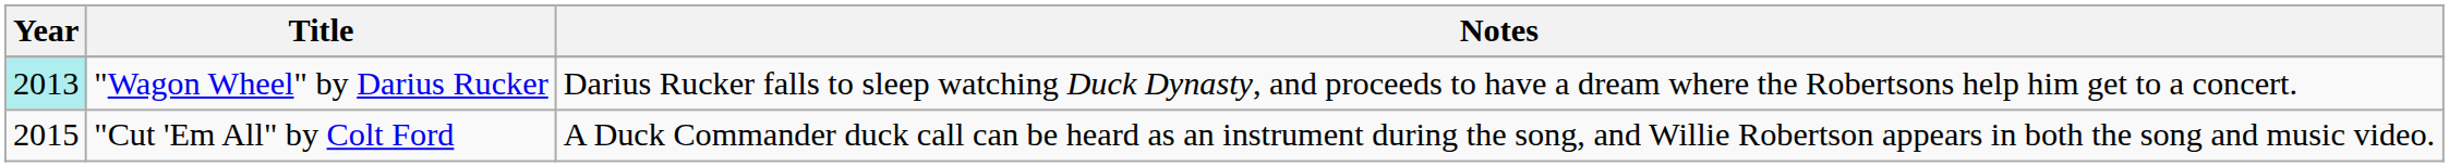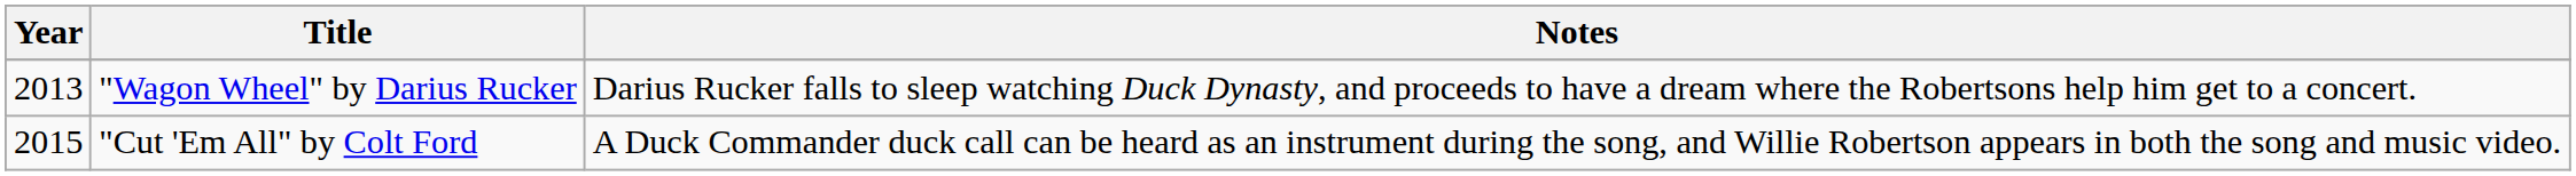 <table class="wikitable sortable">
 <tr>
 <th>Year</th>
 <th>Title</th>
 <th class="unsortable">Notes</th>
 </tr>
 <tr>
 </tr>
 <tr>
-<td style="background: paleturquoise;">2013</td>
+<td>2013</td>
 <td>"<a href='#'>Wagon Wheel</a>" by <a href='#'>Darius Rucker</a></td>
 <td>Darius Rucker falls to sleep watching <em>Duck Dynasty</em>, and proceeds to have a dream where the Robertsons help him get to a concert.</td>
 </tr>
 <tr>
 <td>2015</td>
 <td>"Cut 'Em All"  by <a href='#'>Colt Ford</a></td>
 <td>A Duck Commander duck call can be heard as an instrument during the song, and Willie Robertson appears in both the song and music video.</td>
 </tr>
 </table>
